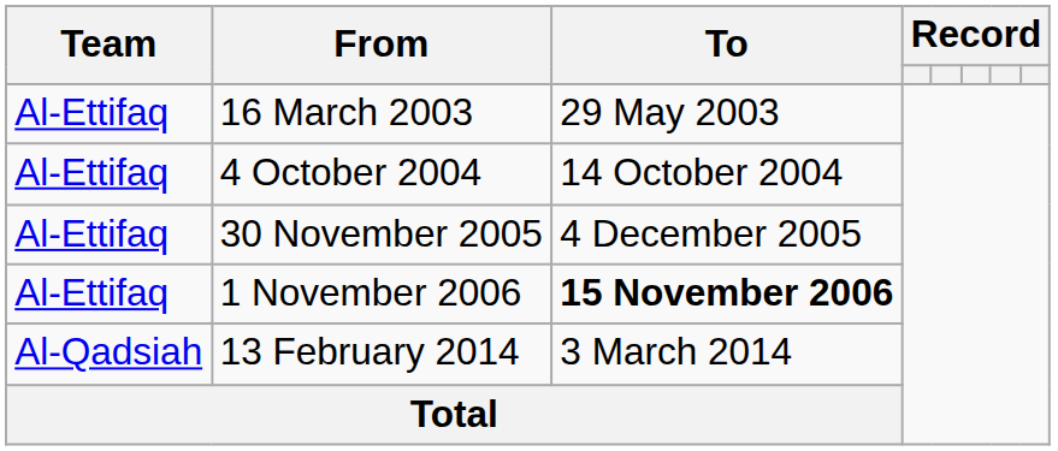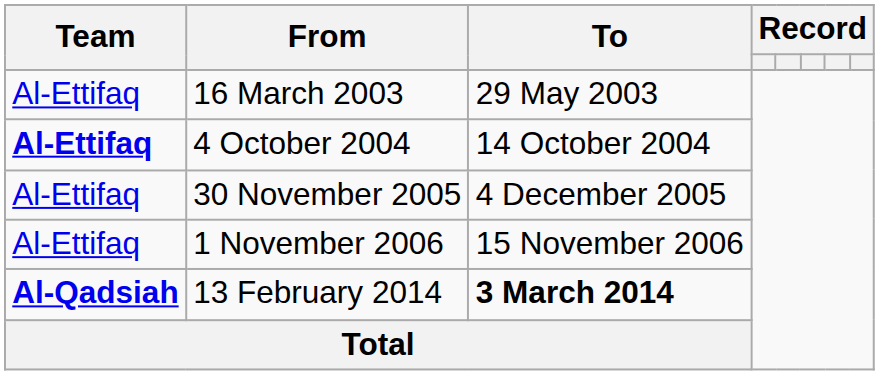 <table class=wikitable style=text-align:center>
 <tr>
 <th rowspan=2>Team</th>
 <th rowspan=2>From</th>
 <th rowspan=2>To</th>
 <th colspan=5>Record</th>
 </tr>
 <tr>
 <th></th>
 <th></th>
 <th></th>
 <th></th>
 <th></th>
 </tr>
 <tr>
 <td align=left><a href='#'>Al-Ettifaq</a></td>
 <td align=left>16 March 2003</td>
 <td align=left>29 May 2003<br></td>
 </tr>
 <tr>
-<td align=left><a href='#'>Al-Ettifaq</a></td>
+<td align=left><strong><a href='#'>Al-Ettifaq</a></strong></td>
 <td align=left>4 October 2004</td>
 <td align=left>14 October 2004<br></td>
 </tr>
 <tr>
 <td align=left><a href='#'>Al-Ettifaq</a></td>
 <td align=left>30 November 2005</td>
 <td align=left>4 December 2005<br></td>
 </tr>
 <tr>
 <td align=left><a href='#'>Al-Ettifaq</a></td>
 <td align=left>1 November 2006</td>
-<td align=left><strong>15 November 2006<br></strong></td>
+<td align=left>15 November 2006<br></td>
 </tr>
 <tr>
-<td align=left><a href='#'>Al-Qadsiah</a></td>
+<td align=left><strong><a href='#'>Al-Qadsiah</a></strong></td>
 <td align=left>13 February 2014</td>
-<td align=left>3 March 2014<br></td>
+<td align=left><strong>3 March 2014<br></strong></td>
 </tr>
 <tr>
 <th colspan=3>Total<br></th>
 </tr>
 </table>
